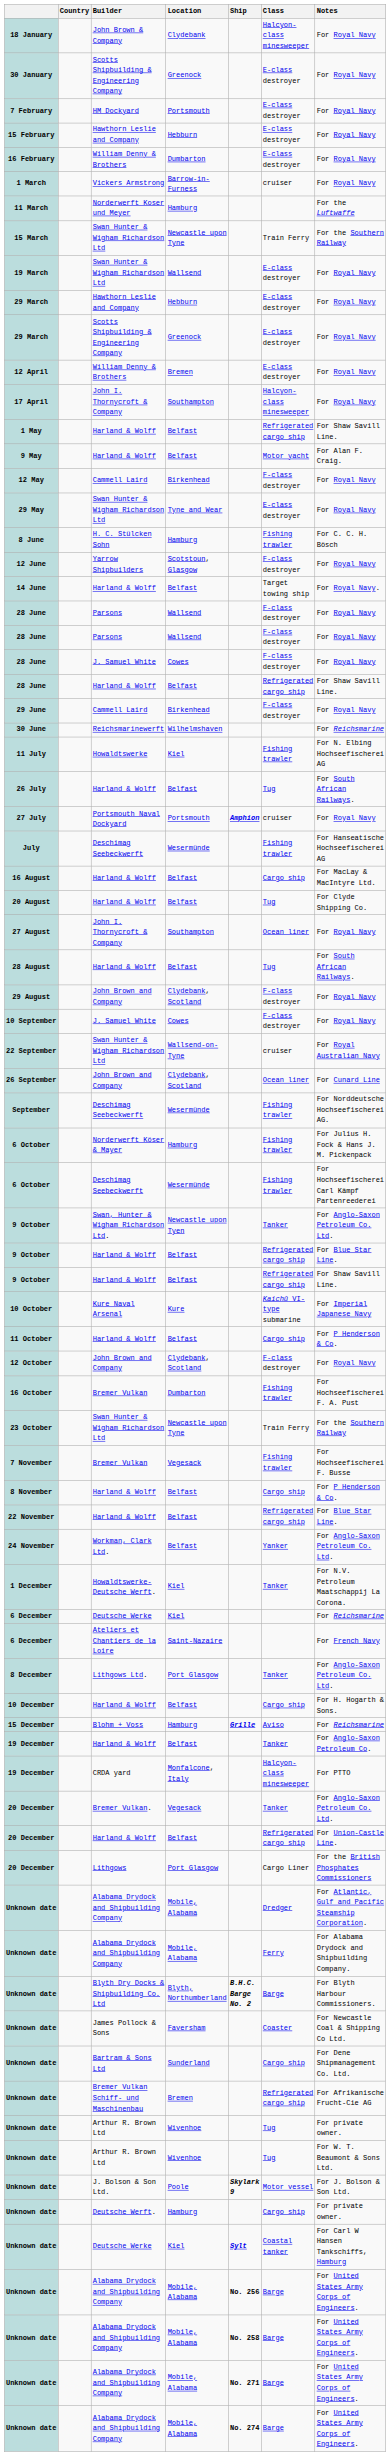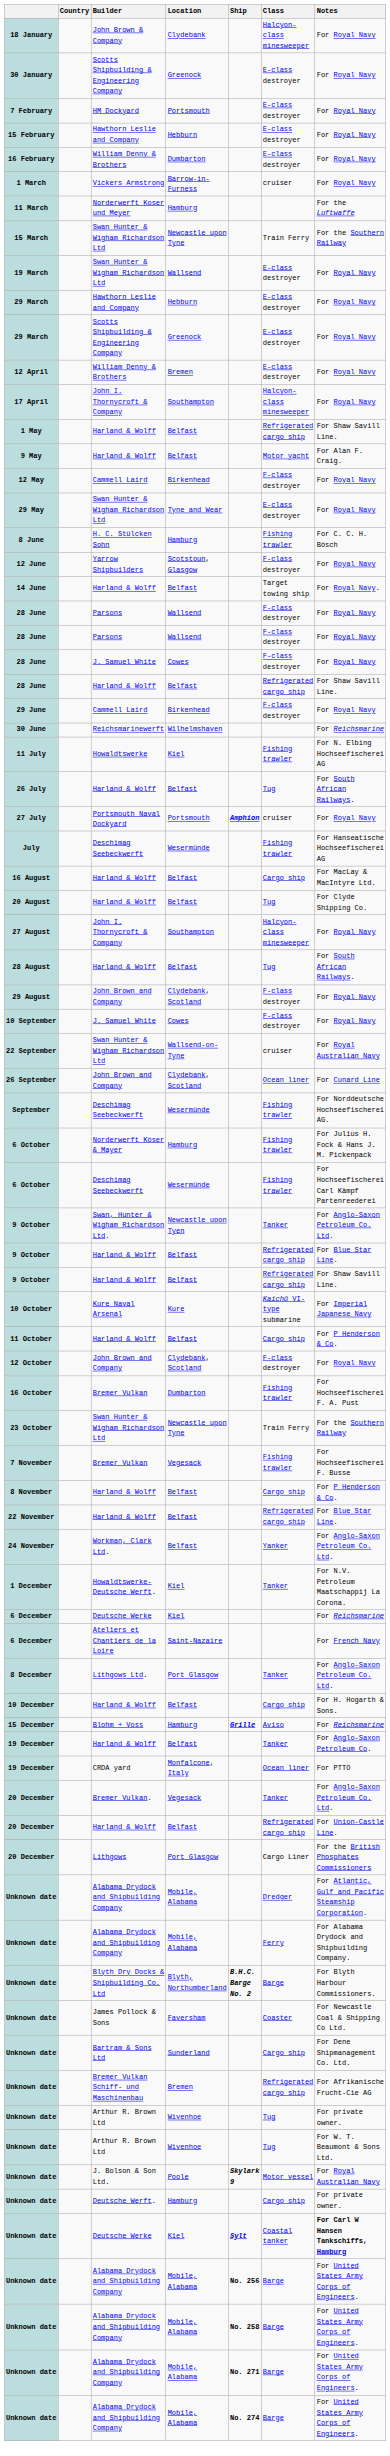 <table class="wikitable sortable" style="font-size:1.00em; line-height:1.5em;">
 <tr>
 <th></th>
 <th style="text-align: left;">Country</th>
 <th style="text-align: left;">Builder</th>
 <th style="text-align: left;">Location</th>
 <th style="text-align: left;">Ship</th>
 <th style="text-align: left;">Class</th>
 <th style="text-align: left;">Notes</th>
 </tr>
 <tr>
 <th style="background: #bbdddd;">18 January</th>
 <td></td>
 <td><a href='#'>John Brown & Company</a></td>
 <td><a href='#'>Clydebank</a></td>
 <td><strong></strong></td>
 <td><a href='#'>Halcyon-class minesweeper</a></td>
 <td>For <a href='#'>Royal Navy</a></td>
 </tr>
 <tr>
 <th style="background: #bbdddd;">30 January</th>
 <td></td>
 <td><a href='#'>Scotts Shipbuilding & Engineering Company</a></td>
 <td><a href='#'>Greenock</a></td>
 <td><strong></strong></td>
 <td><a href='#'>E-class</a> destroyer</td>
 <td>For <a href='#'>Royal Navy</a></td>
 </tr>
 <tr>
 <th style="background: #bbdddd;">7 February</th>
 <td></td>
 <td><a href='#'>HM Dockyard</a></td>
 <td><a href='#'>Portsmouth</a></td>
 <td><strong></strong></td>
 <td><a href='#'>E-class</a> destroyer</td>
 <td>For <a href='#'>Royal Navy</a></td>
 </tr>
 <tr>
 <th style="background: #bbdddd;">15 February</th>
 <td></td>
 <td><a href='#'>Hawthorn Leslie and Company</a></td>
 <td><a href='#'>Hebburn</a></td>
 <td><strong></strong></td>
 <td><a href='#'>E-class</a> destroyer</td>
 <td>For <a href='#'>Royal Navy</a></td>
 </tr>
 <tr>
 <th style="background: #bbdddd;">16 February</th>
 <td></td>
 <td><a href='#'>William Denny & Brothers</a></td>
 <td><a href='#'>Dumbarton</a></td>
 <td><strong></strong></td>
 <td><a href='#'>E-class</a> destroyer</td>
 <td>For <a href='#'>Royal Navy</a></td>
 </tr>
 <tr>
 <th style="background: #bbdddd;">1 March</th>
 <td></td>
 <td><a href='#'>Vickers Armstrong</a></td>
 <td><a href='#'>Barrow-in-Furness</a></td>
 <td><strong></strong></td>
 <td> cruiser</td>
 <td>For <a href='#'>Royal Navy</a></td>
 </tr>
 <tr>
 <th style="background: #bbdddd;">11 March</th>
 <td></td>
 <td><a href='#'>Norderwerft Koser und Meyer</a></td>
 <td><a href='#'>Hamburg</a></td>
 <td><strong></strong></td>
 <td></td>
 <td>For the <em><a href='#'>Luftwaffe</a></em></td>
 </tr>
 <tr>
 <th style="background: #bbdddd;">15 March</th>
 <td></td>
 <td><a href='#'>Swan Hunter & Wigham Richardson Ltd</a></td>
 <td><a href='#'>Newcastle upon Tyne</a></td>
 <td><strong></strong></td>
 <td>Train Ferry</td>
 <td>For the <a href='#'>Southern Railway</a></td>
 </tr>
 <tr>
 <th style="background: #bbdddd;">19 March</th>
 <td></td>
 <td><a href='#'>Swan Hunter & Wigham Richardson Ltd</a></td>
 <td><a href='#'>Wallsend</a></td>
 <td><strong></strong></td>
 <td><a href='#'>E-class</a> destroyer</td>
 <td>For <a href='#'>Royal Navy</a></td>
 </tr>
 <tr>
 <th style="background: #bbdddd;">29 March</th>
 <td></td>
 <td><a href='#'>Hawthorn Leslie and Company</a></td>
 <td><a href='#'>Hebburn</a></td>
 <td><strong></strong></td>
 <td><a href='#'>E-class</a> destroyer</td>
 <td>For <a href='#'>Royal Navy</a></td>
 </tr>
 <tr>
 <th style="background: #bbdddd;">29 March</th>
 <td></td>
 <td><a href='#'>Scotts Shipbuilding & Engineering Company</a></td>
 <td><a href='#'>Greenock</a></td>
 <td><strong></strong></td>
 <td><a href='#'>E-class</a> destroyer</td>
 <td>For <a href='#'>Royal Navy</a></td>
 </tr>
 <tr>
 <th style="background: #bbdddd;">12 April</th>
 <td></td>
 <td><a href='#'>William Denny & Brothers</a></td>
 <td><a href='#'>Bremen</a></td>
 <td><strong></strong></td>
 <td><a href='#'>E-class</a> destroyer</td>
 <td>For <a href='#'>Royal Navy</a></td>
 </tr>
 <tr>
 <th style="background: #bbdddd;">17 April</th>
 <td></td>
 <td><a href='#'>John I. Thornycroft & Company</a></td>
 <td><a href='#'>Southampton</a></td>
 <td><strong></strong></td>
 <td><a href='#'>Halcyon-class minesweeper</a></td>
 <td>For <a href='#'>Royal Navy</a></td>
 </tr>
 <tr ---->
 <th style="background: #bbdddd;">1 May</th>
 <td></td>
 <td><a href='#'>Harland & Wolff</a></td>
 <td><a href='#'>Belfast</a></td>
 <td><strong></strong></td>
 <td><a href='#'>Refrigerated cargo ship</a></td>
 <td>For Shaw Savill Line.</td>
 </tr>
 <tr ---->
 <th style="background: #bbdddd;">9 May</th>
 <td></td>
 <td><a href='#'>Harland & Wolff</a></td>
 <td><a href='#'>Belfast</a></td>
 <td><strong></strong></td>
 <td><a href='#'>Motor yacht</a></td>
 <td>For Alan F. Craig.</td>
 </tr>
 <tr>
 <th style="background: #bbdddd;">12 May</th>
 <td></td>
 <td><a href='#'>Cammell Laird</a></td>
 <td><a href='#'>Birkenhead</a></td>
 <td><strong></strong></td>
 <td><a href='#'>F-class</a> destroyer</td>
 <td>For <a href='#'>Royal Navy</a></td>
 </tr>
 <tr>
 <th style="background: #bbdddd;">29 May</th>
 <td></td>
 <td><a href='#'>Swan Hunter & Wigham Richardson Ltd</a></td>
 <td><a href='#'>Tyne and Wear</a></td>
 <td><strong></strong></td>
 <td><a href='#'>E-class</a> destroyer</td>
 <td>For <a href='#'>Royal Navy</a></td>
 </tr>
 <tr>
 <th style="background: #bbdddd;">8 June</th>
 <td></td>
 <td><a href='#'>H. C. Stülcken Sohn</a></td>
 <td><a href='#'>Hamburg</a></td>
 <td><strong></strong></td>
 <td><a href='#'>Fishing trawler</a></td>
 <td>For C. C. H. Bösch</td>
 </tr>
 <tr>
 <th style="background: #bbdddd;">12 June</th>
 <td></td>
 <td><a href='#'>Yarrow Shipbuilders</a></td>
 <td><a href='#'>Scotstoun</a>, <a href='#'>Glasgow</a></td>
 <td><strong></strong></td>
 <td><a href='#'>F-class</a> destroyer</td>
 <td>For <a href='#'>Royal Navy</a></td>
 </tr>
 <tr ---->
 <th style="background: #bbdddd;">14 June</th>
 <td></td>
 <td><a href='#'>Harland & Wolff</a></td>
 <td><a href='#'>Belfast</a></td>
 <td><strong></strong></td>
 <td>Target towing ship</td>
 <td>For <a href='#'>Royal Navy</a>.</td>
 </tr>
 <tr>
 <th style="background: #bbdddd;">28 June</th>
 <td></td>
 <td><a href='#'>Parsons</a></td>
 <td><a href='#'>Wallsend</a></td>
 <td><strong></strong></td>
 <td><a href='#'>F-class</a> destroyer</td>
 <td>For <a href='#'>Royal Navy</a></td>
 </tr>
 <tr>
 <th style="background: #bbdddd;">28 June</th>
 <td></td>
 <td><a href='#'>Parsons</a></td>
 <td><a href='#'>Wallsend</a></td>
 <td><strong></strong></td>
 <td><a href='#'>F-class</a> destroyer</td>
 <td>For <a href='#'>Royal Navy</a></td>
 </tr>
 <tr>
 <th style="background: #bbdddd;">28 June</th>
 <td></td>
 <td><a href='#'>J. Samuel White</a></td>
 <td><a href='#'>Cowes</a></td>
 <td><strong></strong></td>
 <td><a href='#'>F-class</a> destroyer</td>
 <td>For <a href='#'>Royal Navy</a></td>
 </tr>
 <tr ---->
 <th style="background: #bbdddd;">28 June</th>
 <td></td>
 <td><a href='#'>Harland & Wolff</a></td>
 <td><a href='#'>Belfast</a></td>
 <td><strong></strong></td>
 <td><a href='#'>Refrigerated cargo ship</a></td>
 <td>For Shaw Savill Line.</td>
 </tr>
 <tr>
 <th style="background: #bbdddd;">29 June</th>
 <td></td>
 <td><a href='#'>Cammell Laird</a></td>
 <td><a href='#'>Birkenhead</a></td>
 <td><strong></strong></td>
 <td><a href='#'>F-class</a> destroyer</td>
 <td>For <a href='#'>Royal Navy</a></td>
 </tr>
 <tr>
 <th style="background: #bbdddd;">30 June</th>
 <td></td>
 <td><a href='#'>Reichsmarinewerft</a></td>
 <td><a href='#'>Wilhelmshaven</a></td>
 <td><strong></strong></td>
 <td></td>
 <td>For <em><a href='#'>Reichsmarine</a></em></td>
 </tr>
 <tr>
 <th style="background: #bbdddd;">11 July</th>
 <td></td>
 <td><a href='#'>Howaldtswerke</a></td>
 <td><a href='#'>Kiel</a></td>
 <td><strong></strong></td>
 <td><a href='#'>Fishing trawler</a></td>
 <td>For N. Elbing Hochseefischerei AG</td>
 </tr>
 <tr ---->
 <th style="background: #bbdddd;">26 July</th>
 <td></td>
 <td><a href='#'>Harland & Wolff</a></td>
 <td><a href='#'>Belfast</a></td>
 <td><strong></strong></td>
 <td><a href='#'>Tug</a></td>
 <td>For <a href='#'>South African Railways</a>.</td>
 </tr>
 <tr>
 <th style="background: #bbdddd;">27 July</th>
 <td></td>
 <td><a href='#'>Portsmouth Naval Dockyard</a></td>
 <td><a href='#'>Portsmouth</a></td>
 <td><strong><em><a href='#'>Amphion</a></em></strong></td>
 <td> cruiser</td>
 <td>For <a href='#'>Royal Navy</a></td>
 </tr>
 <tr>
 <th style="background: #bbdddd;">July</th>
 <td></td>
 <td><a href='#'>Deschimag Seebeckwerft</a></td>
 <td><a href='#'>Wesermünde</a></td>
 <td><strong></strong></td>
 <td><a href='#'>Fishing trawler</a></td>
 <td>For Hanseatische Hochseefischerei AG</td>
 </tr>
 <tr ---->
 <th style="background: #bbdddd;">16 August</th>
 <td></td>
 <td><a href='#'>Harland & Wolff</a></td>
 <td><a href='#'>Belfast</a></td>
 <td><strong></strong></td>
 <td><a href='#'>Cargo ship</a></td>
 <td>For MacLay & MacIntyre Ltd.</td>
 </tr>
 <tr ---->
 <th style="background: #bbdddd;">20 August</th>
 <td></td>
 <td><a href='#'>Harland & Wolff</a></td>
 <td><a href='#'>Belfast</a></td>
 <td><strong></strong></td>
 <td><a href='#'>Tug</a></td>
 <td>For Clyde Shipping Co.</td>
 </tr>
 <tr>
 <th style="background: #bbdddd;">27 August</th>
 <td></td>
 <td><a href='#'>John I. Thornycroft & Company</a></td>
 <td><a href='#'>Southampton</a></td>
 <td><strong></strong></td>
-<td><a href='#'>Ocean liner</a></td>
+<td><a href='#'>Halcyon-class minesweeper</a></td>
 <td>For <a href='#'>Royal Navy</a></td>
 </tr>
 <tr ---->
 <th style="background: #bbdddd;">28 August</th>
 <td></td>
 <td><a href='#'>Harland & Wolff</a></td>
 <td><a href='#'>Belfast</a></td>
 <td><strong></strong></td>
 <td><a href='#'>Tug</a></td>
 <td>For <a href='#'>South African Railways</a>.</td>
 </tr>
 <tr>
 <th style="background: #bbdddd;">29 August</th>
 <td></td>
 <td><a href='#'>John Brown and Company</a></td>
 <td><a href='#'>Clydebank</a>, <a href='#'>Scotland</a></td>
 <td><strong></strong></td>
 <td><a href='#'>F-class</a> destroyer</td>
 <td>For <a href='#'>Royal Navy</a></td>
 </tr>
 <tr>
 <th style="background: #bbdddd;">10 September</th>
 <td></td>
 <td><a href='#'>J. Samuel White</a></td>
 <td><a href='#'>Cowes</a></td>
 <td><strong></strong></td>
 <td><a href='#'>F-class</a> destroyer</td>
 <td>For <a href='#'>Royal Navy</a></td>
 </tr>
 <tr>
 <th style="background: #bbdddd;">22 September</th>
 <td></td>
 <td><a href='#'>Swan Hunter & Wigham Richardson Ltd</a></td>
 <td><a href='#'>Wallsend-on-Tyne</a></td>
 <td><strong></strong></td>
 <td> cruiser</td>
 <td>For <a href='#'>Royal Australian Navy</a></td>
 </tr>
 <tr>
 <th style="background: #bbdddd;">26 September</th>
 <td></td>
 <td><a href='#'>John Brown and Company</a></td>
 <td><a href='#'>Clydebank</a>, <a href='#'>Scotland</a></td>
 <td><strong></strong></td>
 <td><a href='#'>Ocean liner</a></td>
 <td>For <a href='#'>Cunard Line</a></td>
 </tr>
 <tr>
 <th style="background: #bbdddd;">September</th>
 <td></td>
 <td><a href='#'>Deschimag Seebeckwerft</a></td>
 <td><a href='#'>Wesermünde</a></td>
 <td><strong></strong></td>
 <td><a href='#'>Fishing trawler</a></td>
 <td>For Norddeutsche Hochseefischerei AG.</td>
 </tr>
 <tr>
 <th style="background: #bbdddd;">6 October</th>
 <td></td>
 <td><a href='#'>Norderwerft Köser & Mayer</a></td>
 <td><a href='#'>Hamburg</a></td>
 <td><strong></strong></td>
 <td><a href='#'>Fishing trawler</a></td>
 <td>For Julius H. Fock & Hans J. M. Pickenpack</td>
 </tr>
 <tr>
 <th style="background: #bbdddd;">6 October</th>
 <td></td>
 <td><a href='#'>Deschimag Seebeckwerft</a></td>
 <td><a href='#'>Wesermünde</a></td>
 <td><strong></strong></td>
 <td><a href='#'>Fishing trawler</a></td>
 <td>For Hochseefischerei Carl Kämpf Partenreederei</td>
 </tr>
 <tr ---->
 <th style="background: #bbdddd;">9 October</th>
 <td></td>
 <td><a href='#'>Swan, Hunter & Wigham Richardson Ltd</a>.</td>
 <td><a href='#'>Newcastle upon Tyen</a></td>
 <td><strong></strong></td>
 <td><a href='#'>Tanker</a></td>
 <td>For <a href='#'>Anglo-Saxon Petroleum Co. Ltd</a>.</td>
 </tr>
 <tr ---->
 <th style="background: #bbdddd;">9 October</th>
 <td></td>
 <td><a href='#'>Harland & Wolff</a></td>
 <td><a href='#'>Belfast</a></td>
 <td><strong></strong></td>
 <td><a href='#'>Refrigerated cargo ship</a></td>
 <td>For <a href='#'>Blue Star Line</a>.</td>
 </tr>
 <tr ---->
 <th style="background: #bbdddd;">9 October</th>
 <td></td>
 <td><a href='#'>Harland & Wolff</a></td>
 <td><a href='#'>Belfast</a></td>
 <td><strong></strong></td>
 <td><a href='#'>Refrigerated cargo ship</a></td>
 <td>For Shaw Savill Line.</td>
 </tr>
 <tr>
 <th style="background: #bbdddd;">10 October</th>
 <td></td>
 <td><a href='#'>Kure Naval Arsenal</a></td>
 <td><a href='#'>Kure</a></td>
 <td><strong></strong></td>
 <td><a href='#'><em>Kaichū</em> VI-type</a> submarine</td>
 <td>For <a href='#'>Imperial Japanese Navy</a></td>
 </tr>
 <tr ---->
 <th style="background: #bbdddd;">11 October</th>
 <td></td>
 <td><a href='#'>Harland & Wolff</a></td>
 <td><a href='#'>Belfast</a></td>
 <td><strong></strong></td>
 <td><a href='#'>Cargo ship</a></td>
 <td>For <a href='#'>P Henderson & Co</a>.</td>
 </tr>
 <tr>
 <th style="background: #bbdddd;">12 October</th>
 <td></td>
 <td><a href='#'>John Brown and Company</a></td>
 <td><a href='#'>Clydebank</a>, <a href='#'>Scotland</a></td>
 <td><strong></strong></td>
 <td><a href='#'>F-class</a> destroyer</td>
 <td>For <a href='#'>Royal Navy</a></td>
 </tr>
 <tr>
 <th style="background: #bbdddd;">16 October</th>
 <td></td>
 <td><a href='#'>Bremer Vulkan</a></td>
 <td><a href='#'>Dumbarton</a></td>
 <td><strong></strong></td>
 <td><a href='#'>Fishing trawler</a></td>
 <td>For Hochseefischerei F. A. Pust</td>
 </tr>
 <tr>
 <th style="background: #bbdddd;">23 October</th>
 <td></td>
 <td><a href='#'>Swan Hunter & Wigham Richardson Ltd</a></td>
 <td><a href='#'>Newcastle upon Tyne</a></td>
 <td><strong></strong></td>
 <td>Train Ferry</td>
 <td>For the <a href='#'>Southern Railway</a></td>
 </tr>
 <tr>
 <th style="background: #bbdddd;">7 November</th>
 <td></td>
 <td><a href='#'>Bremer Vulkan</a></td>
 <td><a href='#'>Vegesack</a></td>
 <td><strong></strong></td>
 <td><a href='#'>Fishing trawler</a></td>
 <td>For Hochseefischerei F. Busse</td>
 </tr>
 <tr ---->
 <th style="background: #bbdddd;">8 November</th>
 <td></td>
 <td><a href='#'>Harland & Wolff</a></td>
 <td><a href='#'>Belfast</a></td>
 <td><strong></strong></td>
 <td><a href='#'>Cargo ship</a></td>
 <td>For <a href='#'>P Henderson & Co</a>.</td>
 </tr>
 <tr ---->
 <th style="background: #bbdddd;">22 November</th>
 <td></td>
 <td><a href='#'>Harland & Wolff</a></td>
 <td><a href='#'>Belfast</a></td>
 <td><strong></strong></td>
 <td><a href='#'>Refrigerated cargo ship</a></td>
 <td>For <a href='#'>Blue Star Line</a>.</td>
 </tr>
 <tr ---->
 <th style="background: #bbdddd;">24 November</th>
 <td></td>
 <td><a href='#'>Workman, Clark Ltd</a>.</td>
 <td><a href='#'>Belfast</a></td>
 <td><strong></strong></td>
 <td><a href='#'>Yanker</a></td>
 <td>For <a href='#'>Anglo-Saxon Petroleum Co. Ltd</a>.</td>
 </tr>
 <tr ---->
 <th style="background: #bbdddd;">1 December</th>
 <td></td>
 <td><a href='#'>Howaldtswerke-Deutsche Werft</a>.</td>
 <td><a href='#'>Kiel</a></td>
 <td><strong></strong></td>
 <td><a href='#'>Tanker</a></td>
 <td>For N.V. Petroleum Maatschappij La Corona.</td>
 </tr>
 <tr>
 <th style="background: #bbdddd;">6 December</th>
 <td></td>
 <td><a href='#'>Deutsche Werke</a></td>
 <td><a href='#'>Kiel</a></td>
 <td><strong></strong></td>
 <td></td>
 <td>For <em><a href='#'>Reichsmarine</a></em></td>
 </tr>
 <tr>
 <th style="background: #bbdddd;">6 December</th>
 <td></td>
 <td><a href='#'>Ateliers et Chantiers de la Loire</a></td>
 <td><a href='#'>Saint-Nazaire</a></td>
 <td></td>
 <td></td>
 <td>For <a href='#'>French Navy</a></td>
 </tr>
 <tr ---->
 <th style="background: #bbdddd;">8 December</th>
 <td></td>
 <td><a href='#'>Lithgows Ltd</a>.</td>
 <td><a href='#'>Port Glasgow</a></td>
 <td><strong></strong></td>
 <td><a href='#'>Tanker</a></td>
 <td>For <a href='#'>Anglo-Saxon Petroleum Co. Ltd</a>.</td>
 </tr>
 <tr ---->
 <th style="background: #bbdddd;">10 December</th>
 <td></td>
 <td><a href='#'>Harland & Wolff</a></td>
 <td><a href='#'>Belfast</a></td>
 <td><strong></strong></td>
 <td><a href='#'>Cargo ship</a></td>
 <td>For H. Hogarth & Sons.</td>
 </tr>
 <tr>
 <th style="background: #bbdddd;">15 December</th>
 <td></td>
 <td><a href='#'>Blohm + Voss</a></td>
 <td><a href='#'>Hamburg</a></td>
 <td><a href='#'><strong><em>Grille</em></strong></a></td>
 <td><a href='#'>Aviso</a></td>
 <td>For <em><a href='#'>Reichsmarine</a></em></td>
 </tr>
 <tr ---->
 <th style="background: #bbdddd;">19 December</th>
 <td></td>
 <td><a href='#'>Harland & Wolff</a></td>
 <td><a href='#'>Belfast</a></td>
 <td><strong></strong></td>
 <td><a href='#'>Tanker</a></td>
 <td>For <a href='#'>Anglo-Saxon Petroleum Co</a>.</td>
 </tr>
 <tr>
 <th style="background: #bbdddd;">19 December</th>
 <td></td>
 <td>CRDA yard</td>
 <td><a href='#'>Monfalcone</a>, <a href='#'>Italy</a></td>
 <td><strong></strong></td>
-<td><a href='#'>Halcyon-class minesweeper</a></td>
+<td><a href='#'>Ocean liner</a></td>
 <td>For PTTO</td>
 </tr>
 <tr ---->
 <th style="background: #bbdddd;">20 December</th>
 <td></td>
 <td><a href='#'>Bremer Vulkan</a>.</td>
 <td><a href='#'>Vegesack</a></td>
 <td><strong></strong></td>
 <td><a href='#'>Tanker</a></td>
 <td>For <a href='#'>Anglo-Saxon Petroleum Co. Ltd</a>.</td>
 </tr>
 <tr ---->
 <th style="background: #bbdddd;">20 December</th>
 <td></td>
 <td><a href='#'>Harland & Wolff</a></td>
 <td><a href='#'>Belfast</a></td>
 <td><strong></strong></td>
 <td><a href='#'>Refrigerated cargo ship</a></td>
 <td>For <a href='#'>Union-Castle Line</a>.</td>
 </tr>
 <tr>
 <th style="background: #bbdddd;">20 December</th>
 <td></td>
 <td><a href='#'>Lithgows</a></td>
 <td><a href='#'>Port Glasgow</a></td>
 <td><strong></strong></td>
 <td>Cargo Liner</td>
 <td>For the <a href='#'>British Phosphates Commissioners</a></td>
 </tr>
 <tr ---->
 <th style="background: #bbdddd;">Unknown date</th>
 <td></td>
 <td><a href='#'>Alabama Drydock and Shipbuilding Company</a></td>
 <td><a href='#'>Mobile, Alabama</a></td>
 <td><strong></strong></td>
 <td><a href='#'>Dredger</a></td>
 <td>For <a href='#'>Atlantic, Gulf and Pacific Steamship Corporation</a>.</td>
 </tr>
 <tr ---->
 <th style="background: #bbdddd;">Unknown date</th>
 <td></td>
 <td><a href='#'>Alabama Drydock and Shipbuilding Company</a></td>
 <td><a href='#'>Mobile, Alabama</a></td>
 <td><strong></strong></td>
 <td><a href='#'>Ferry</a></td>
 <td>For Alabama Drydock and Shipbuilding Company.</td>
 </tr>
 <tr ---->
 <th style="background: #bbdddd;">Unknown date</th>
 <td></td>
 <td><a href='#'>Blyth Dry Docks & Shipbuilding Co. Ltd</a></td>
 <td><a href='#'>Blyth, Northumberland</a></td>
 <td><strong><em>B.H.C. Barge No. 2</em></strong></td>
 <td><a href='#'>Barge</a></td>
 <td>For Blyth Harbour Commissioners.</td>
 </tr>
 <tr ---->
 <th style="background: #bbdddd;">Unknown date</th>
 <td></td>
 <td>James Pollock & Sons</td>
 <td><a href='#'>Faversham</a></td>
 <td><strong></strong></td>
 <td><a href='#'>Coaster</a></td>
 <td>For Newcastle Coal & Shipping Co Ltd.</td>
 </tr>
 <tr>
 <th style="background: #bbdddd;">Unknown date</th>
 <td></td>
 <td><a href='#'>Bartram & Sons Ltd</a></td>
 <td><a href='#'>Sunderland</a></td>
 <td><strong></strong></td>
 <td><a href='#'>Cargo ship</a></td>
 <td>For Dene Shipmanagement Co. Ltd.</td>
 </tr>
 <tr>
 <th style="background: #bbdddd;">Unknown date</th>
 <td></td>
 <td><a href='#'>Bremer Vulkan Schiff- und Maschinenbau</a></td>
 <td><a href='#'>Bremen</a></td>
 <td><strong></strong></td>
 <td><a href='#'>Refrigerated cargo ship</a></td>
 <td>For Afrikanische Frucht-Cie AG</td>
 </tr>
 <tr --->
 <th style="background: #bbdddd;">Unknown date</th>
 <td></td>
 <td>Arthur R. Brown Ltd</td>
 <td><a href='#'>Wivenhoe</a></td>
 <td><strong></strong></td>
 <td><a href='#'>Tug</a></td>
 <td>For private owner.</td>
 </tr>
 <tr --->
 <th style="background: #bbdddd;">Unknown date</th>
 <td></td>
 <td>Arthur R. Brown Ltd</td>
 <td><a href='#'>Wivenhoe</a></td>
 <td><strong></strong></td>
 <td><a href='#'>Tug</a></td>
 <td>For W. T. Beaumont & Sons Ltd.</td>
 </tr>
 <tr ---->
 <th style="background: #bbdddd;">Unknown date</th>
 <td></td>
 <td>J. Bolson & Son Ltd.</td>
 <td><a href='#'>Poole</a></td>
 <td><strong><em>Skylark 9</em></strong></td>
 <td><a href='#'>Motor vessel</a></td>
-<td>For J. Bolson & Son Ltd.</td>
+<td>For <a href='#'>Royal Australian Navy</a></td>
 </tr>
 <tr ---->
 <th style="background: #bbdddd;">Unknown date</th>
 <td></td>
 <td><a href='#'>Deutsche Werft</a>.</td>
 <td><a href='#'>Hamburg</a></td>
 <td><strong></strong></td>
 <td><a href='#'>Cargo ship</a></td>
 <td>For private owner.</td>
 </tr>
 <tr>
 <th style="background: #bbdddd;">Unknown date</th>
 <td></td>
 <td><a href='#'>Deutsche Werke</a></td>
 <td><a href='#'>Kiel</a></td>
 <td><strong><a href='#'><em>Sylt</em></a></strong></td>
 <td><a href='#'>Coastal</a> <a href='#'>tanker</a></td>
-<td>For Carl W Hansen Tankschiffs, <a href='#'>Hamburg</a></td>
+<td><strong>For Carl W Hansen Tankschiffs, <a href='#'>Hamburg</a></strong></td>
 </tr>
 <tr ---->
 <th style="background: #bbdddd;">Unknown date</th>
 <td></td>
 <td><a href='#'>Alabama Drydock and Shipbuilding Company</a></td>
 <td><a href='#'>Mobile, Alabama</a></td>
 <td><strong>No. 256</strong></td>
 <td><a href='#'>Barge</a></td>
 <td>For <a href='#'>United States Army Corps of Engineers</a>.</td>
 </tr>
 <tr ---->
 <th style="background: #bbdddd;">Unknown date</th>
 <td></td>
 <td><a href='#'>Alabama Drydock and Shipbuilding Company</a></td>
 <td><a href='#'>Mobile, Alabama</a></td>
 <td><strong>No. 258</strong></td>
 <td><a href='#'>Barge</a></td>
 <td>For <a href='#'>United States Army Corps of Engineers</a>.</td>
 </tr>
 <tr ---->
 <th style="background: #bbdddd;">Unknown date</th>
 <td></td>
 <td><a href='#'>Alabama Drydock and Shipbuilding Company</a></td>
 <td><a href='#'>Mobile, Alabama</a></td>
 <td><strong>No. 271</strong></td>
 <td><a href='#'>Barge</a></td>
 <td>For <a href='#'>United States Army Corps of Engineers</a>.</td>
 </tr>
 <tr ---->
 <th style="background: #bbdddd;">Unknown date</th>
 <td></td>
 <td><a href='#'>Alabama Drydock and Shipbuilding Company</a></td>
 <td><a href='#'>Mobile, Alabama</a></td>
 <td><strong>No. 274</strong></td>
 <td><a href='#'>Barge</a></td>
 <td>For <a href='#'>United States Army Corps of Engineers</a>.</td>
 </tr>
 </table>
